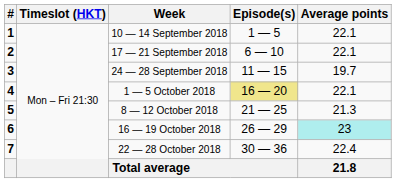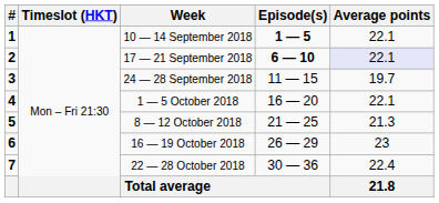 <table class="wikitable" style="text-align:center;">
 <tr>
 <th>#</th>
 <th>Timeslot (<a href='#'>HKT</a>)</th>
 <th>Week</th>
 <th>Episode(s)</th>
 <th>Average points</th>
 </tr>
 <tr>
 <td><strong>1</strong></td>
 <td rowspan="8"><small>Mon – Fri 21:30</small></td>
 <td><small>10 — 14 September 2018</small></td>
-<td>1 — 5</td>
+<td><strong>1 — 5</strong></td>
 <td>22.1</td>
 </tr>
 <tr>
 <td><strong>2</strong></td>
 <td><small>17 — 21 September 2018</small></td>
-<td>6 — 10</td>
-<td>22.1</td>
+<td><strong>6 — 10</strong></td>
+<td style="background: lavender;">22.1</td>
 </tr>
 <tr>
 <td><strong>3</strong></td>
 <td><small>24 — 28 September 2018</small></td>
 <td>11 — 15</td>
 <td>19.7</td>
 </tr>
 <tr>
 <td><strong>4</strong></td>
 <td><small>1 — 5 October 2018</small></td>
-<td style="background: khaki;">16 — 20</td>
+<td>16 — 20</td>
 <td>22.1</td>
 </tr>
 <tr>
 <td><strong>5</strong></td>
 <td><small>8 — 12 October 2018</small></td>
 <td>21 — 25</td>
 <td>21.3</td>
 </tr>
 <tr>
 <td><strong>6</strong></td>
 <td><small>16 — 19 October 2018</small></td>
 <td>26 — 29</td>
-<td style="background: paleturquoise;">23</td>
+<td>23</td>
 </tr>
 <tr>
 <td><strong>7</strong></td>
 <td><small>22 — 28 October 2018</small></td>
 <td>30 — 36</td>
 <td>22.4</td>
 </tr>
 <tr>
 <th colspan="4"><strong>Total average</strong></th>
 <th><strong>21.8</strong></th>
 </tr>
 </table>
